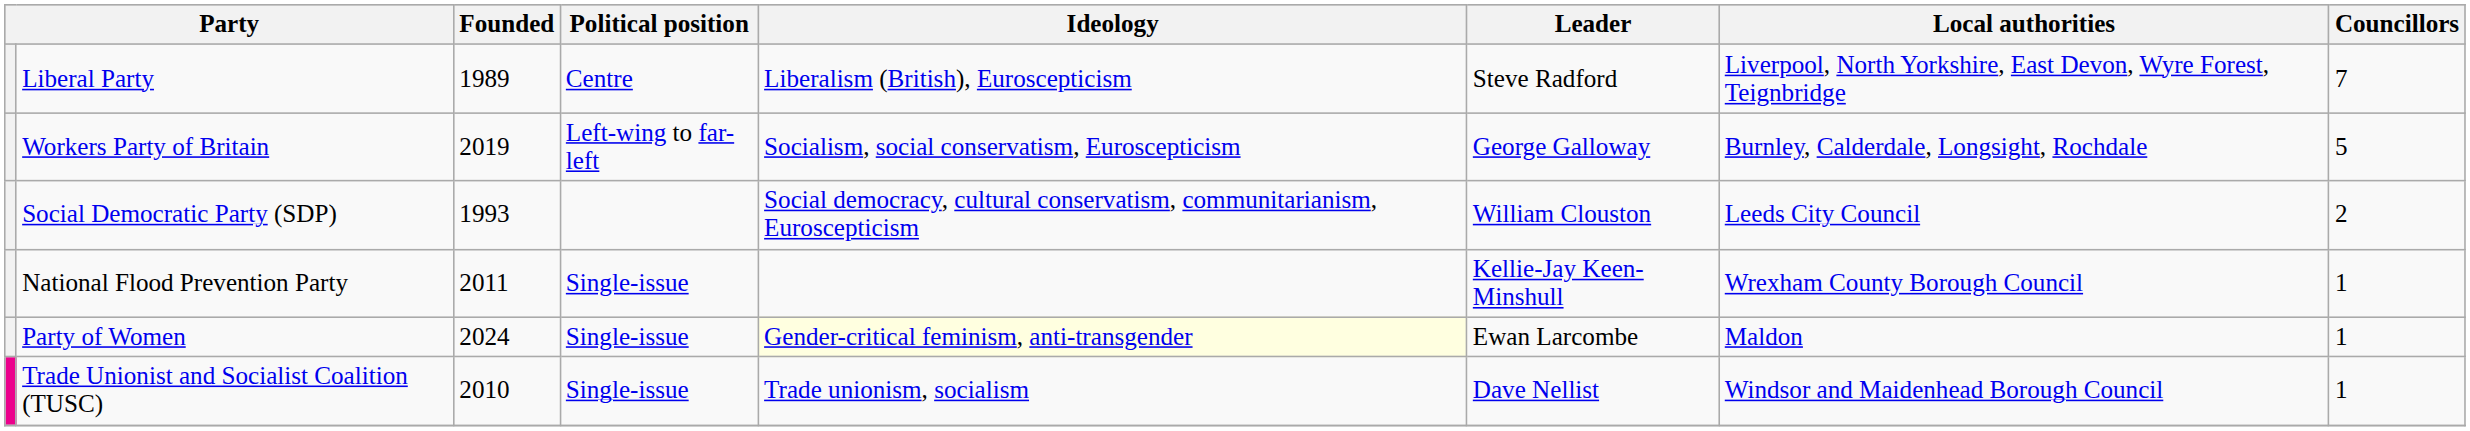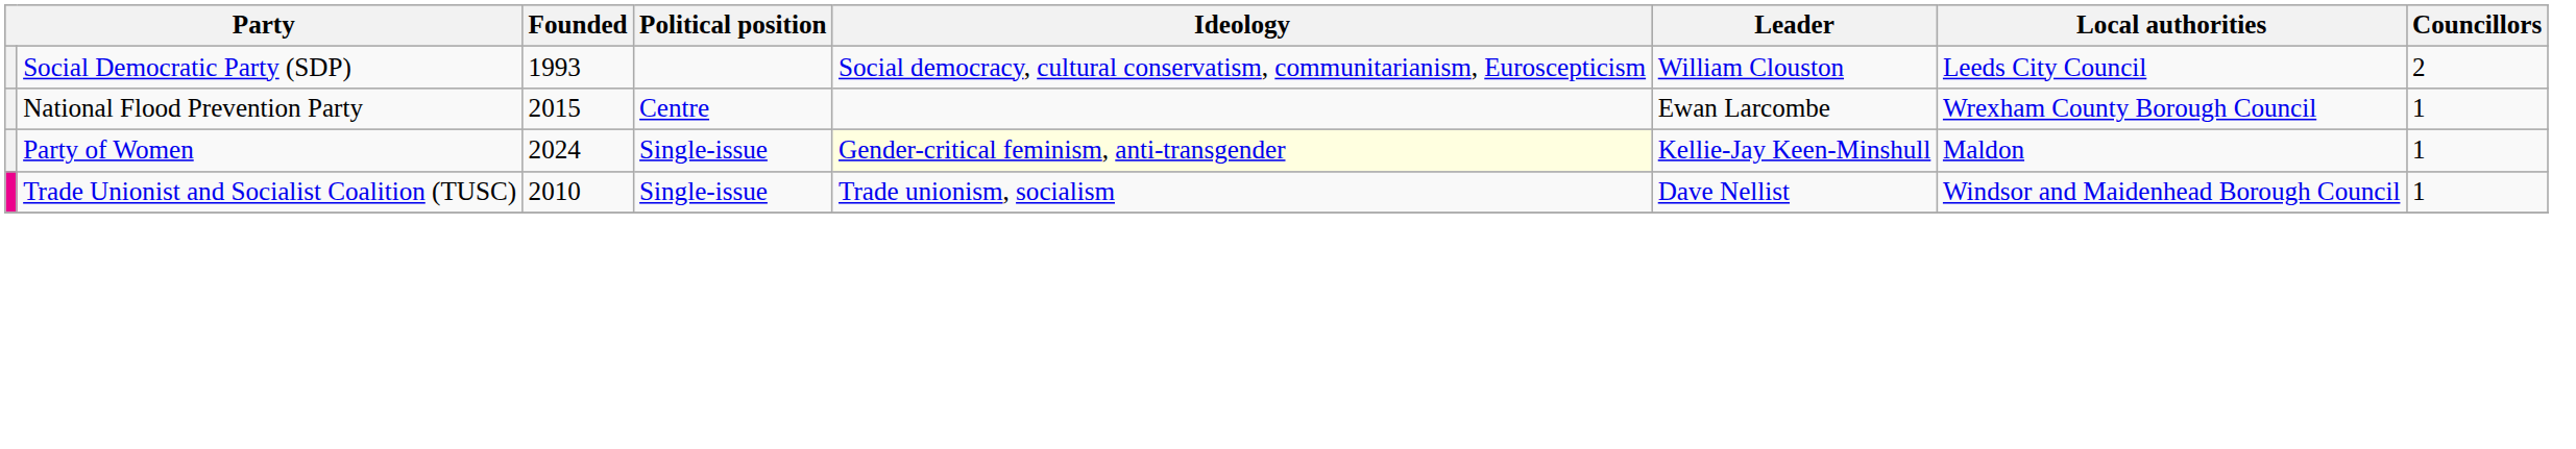 <table class="wikitable sortable">
 <tr style="background:#ccc;">
 <th colspan="2" scope="col" style="width:5px;">Party</th>
 <th class="unsortable">Founded</th>
 <th class="unsortable">Political position</th>
 <th class="unsortable">Ideology</th>
 <th class="unsortable">Leader</th>
 <th class="unsortable">Local authorities</th>
 <th data-sort-type="number">Councillors</th>
-</tr>
-<tr>
-<th style="background-color: "></th>
-<td><a href='#'>Liberal Party</a></td>
-<td>1989</td>
-<td><a href='#'>Centre</a></td>
-<td><a href='#'>Liberalism</a> (<a href='#'>British</a>), <a href='#'>Euroscepticism</a></td>
-<td>Steve Radford</td>
-<td><a href='#'>Liverpool</a>, <a href='#'>North Yorkshire</a>, <a href='#'>East Devon</a>, <a href='#'>Wyre Forest</a>, <a href='#'>Teignbridge</a></td>
-<td>7</td>
-</tr>
-<tr>
-<th style="background-color: "></th>
-<td><a href='#'>Workers Party of Britain</a></td>
-<td>2019</td>
-<td><a href='#'>Left-wing</a> to <a href='#'>far-left</a></td>
-<td><a href='#'>Socialism</a>, <a href='#'>social conservatism</a>, <a href='#'>Euroscepticism</a></td>
-<td><a href='#'>George Galloway</a></td>
-<td><a href='#'>Burnley</a>, <a href='#'>Calderdale</a>, <a href='#'>Longsight</a>, <a href='#'>Rochdale</a></td>
-<td>5</td>
 </tr>
 <tr>
 <th style="background-color:"></th>
 <td><a href='#'>Social Democratic Party</a> (SDP)</td>
 <td>1993</td>
 <td></td>
 <td><a href='#'>Social democracy</a>, <a href='#'>cultural conservatism</a>, <a href='#'>communitarianism</a>, <a href='#'>Euroscepticism</a></td>
 <td><a href='#'>William Clouston</a></td>
 <td><a href='#'>Leeds City Council</a></td>
 <td>2</td>
 </tr>
 <tr>
 <th style="background-color: "></th>
 <td>National Flood Prevention Party</td>
-<td>2011</td>
-<td><a href='#'>Single-issue</a></td>
+<td>2015</td>
+<td><a href='#'>Centre</a></td>
 <td></td>
-<td><a href='#'>Kellie-Jay Keen-Minshull</a></td>
+<td>Ewan Larcombe</td>
 <td><a href='#'>Wrexham County Borough Council</a></td>
 <td>1</td>
 </tr>
 <tr>
 <th style="background-color: "></th>
 <td><a href='#'>Party of Women</a></td>
 <td>2024</td>
 <td><a href='#'>Single-issue</a></td>
 <td style="background: lightyellow;"><a href='#'>Gender-critical feminism</a>, <a href='#'>anti-transgender</a></td>
-<td>Ewan Larcombe</td>
+<td><a href='#'>Kellie-Jay Keen-Minshull</a></td>
 <td><a href='#'>Maldon</a></td>
 <td>1</td>
 </tr>
 <tr>
 <th style="background:#ec008c;"></th>
 <td><a href='#'>Trade Unionist and Socialist Coalition</a> (TUSC)</td>
 <td>2010</td>
 <td><a href='#'>Single-issue</a></td>
 <td><a href='#'>Trade unionism</a>, <a href='#'>socialism</a></td>
 <td><a href='#'>Dave Nellist</a></td>
 <td><a href='#'>Windsor and Maidenhead Borough Council</a></td>
 <td>1</td>
 </tr>
 <tr>
 </tr>
 </table>
